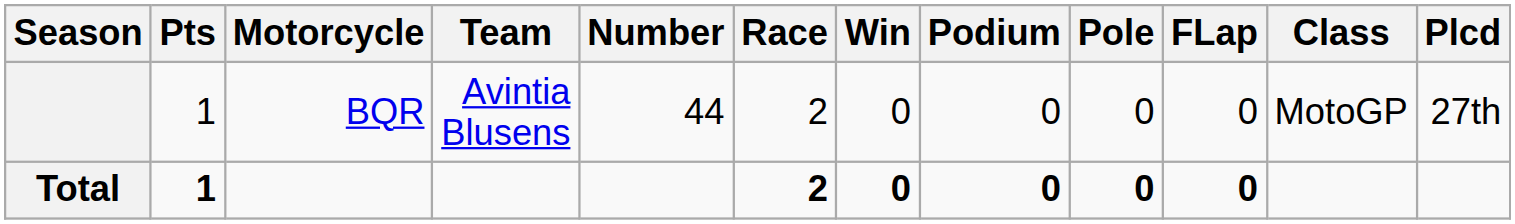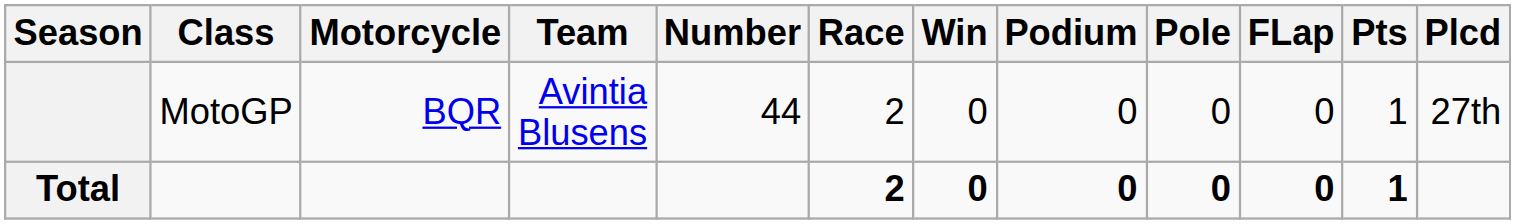 <table class="wikitable">
 <tr>
 <th>Season</th>
-<th>Pts</th>
+<th>Class</th>
 <th>Motorcycle</th>
 <th>Team</th>
 <th>Number</th>
 <th>Race</th>
 <th>Win</th>
 <th>Podium</th>
 <th>Pole</th>
 <th>FLap</th>
-<th>Class</th>
+<th>Pts</th>
 <th>Plcd</th>
 </tr>
 <tr align="right">
 <th></th>
-<td>1</td>
+<td>MotoGP</td>
 <td><a href='#'>BQR</a></td>
 <td><a href='#'>Avintia Blusens</a></td>
 <td>44</td>
 <td>2</td>
 <td>0</td>
 <td>0</td>
 <td>0</td>
 <td>0</td>
-<td>MotoGP</td>
+<td>1</td>
 <td>27th</td>
 </tr>
 <tr align="right">
 <th>Total</th>
-<td><strong>1</strong></td>
+<td></td>
 <td></td>
 <td></td>
 <td></td>
 <td><strong>2</strong></td>
 <td><strong>0</strong></td>
 <td><strong>0</strong></td>
 <td><strong>0</strong></td>
 <td><strong>0</strong></td>
-<td></td>
+<td><strong>1</strong></td>
 <td></td>
 </tr>
 </table>
